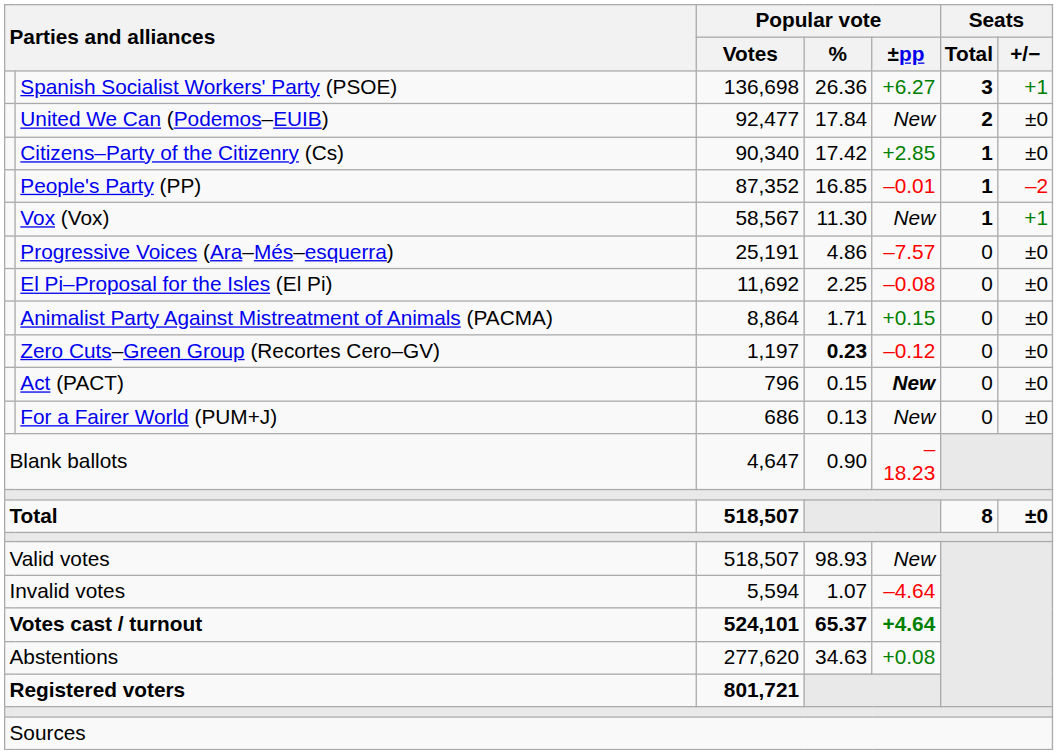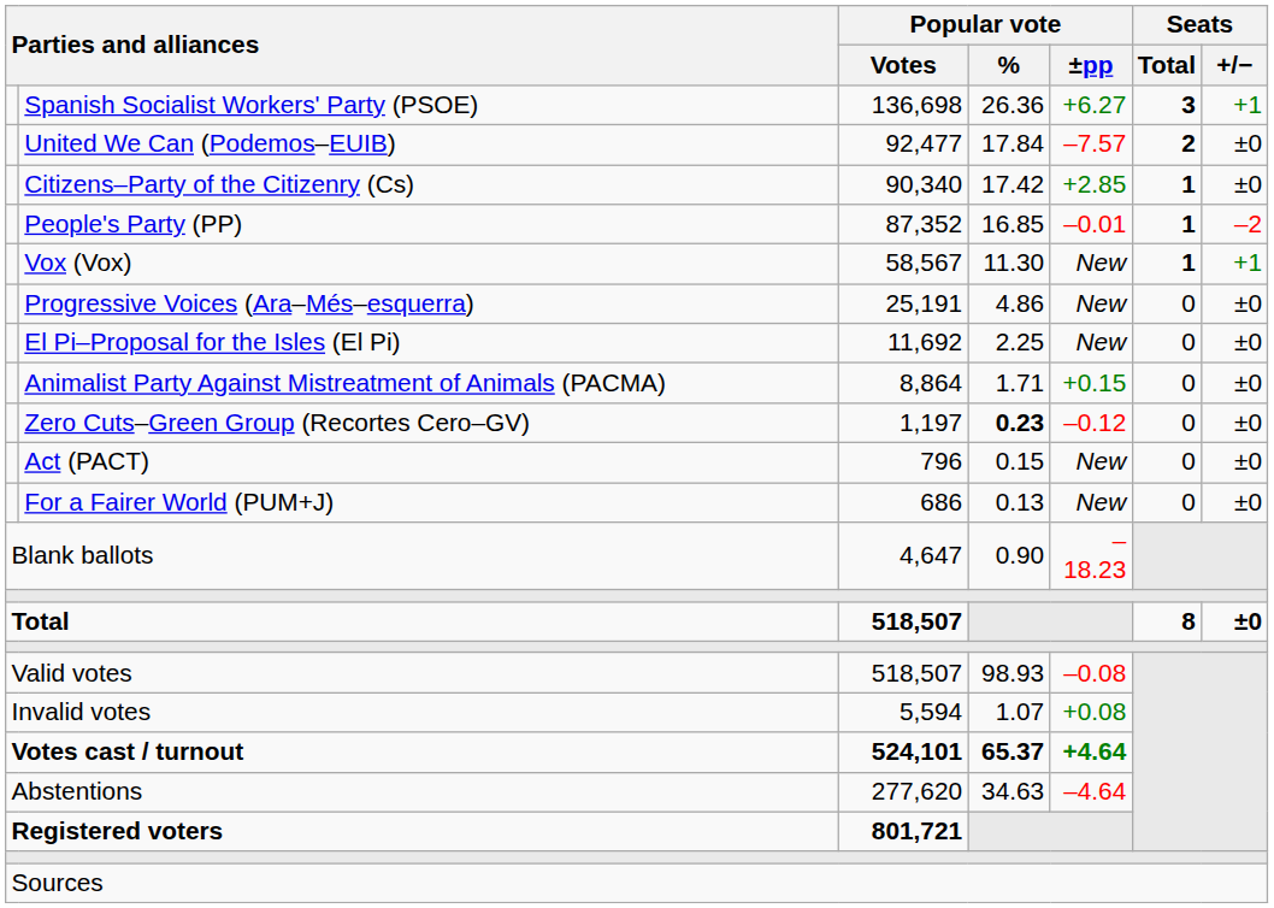 <table class="wikitable" style="text-align:right;">
 <tr>
 <th style="text-align:left;" rowspan="2" colspan="2" width="525">Parties and alliances</th>
 <th colspan="3">Popular vote</th>
 <th colspan="2">Seats</th>
 </tr>
 <tr>
 <th width="75">Votes</th>
 <th width="45">%</th>
 <th width="45">±<a href='#'>pp</a></th>
 <th width="35">Total</th>
 <th width="35">+/−</th>
 </tr>
 <tr>
 <td width="1" style="color:inherit;background:"></td>
 <td align="left"><a href='#'>Spanish Socialist Workers' Party</a> (PSOE)</td>
 <td>136,698</td>
 <td>26.36</td>
 <td style="color:green;">+6.27</td>
 <td><strong>3</strong></td>
 <td style="color:green;">+1</td>
 </tr>
 <tr>
 <td style="color:inherit;background:"></td>
 <td align="left"><a href='#'>United We Can</a> (<a href='#'>Podemos</a>–<a href='#'>EUIB</a>)</td>
 <td>92,477</td>
 <td>17.84</td>
-<td><em>New</em></td>
+<td style="color:red;">–7.57</td>
 <td><strong>2</strong></td>
 <td>±0</td>
 </tr>
 <tr>
 <td style="color:inherit;background:"></td>
 <td align="left"><a href='#'>Citizens–Party of the Citizenry</a> (Cs)</td>
 <td>90,340</td>
 <td>17.42</td>
 <td style="color:green;">+2.85</td>
 <td><strong>1</strong></td>
 <td>±0</td>
 </tr>
 <tr>
 <td style="color:inherit;background:"></td>
 <td align="left"><a href='#'>People's Party</a> (PP)</td>
 <td>87,352</td>
 <td>16.85</td>
 <td style="color:red;">–0.01</td>
 <td><strong>1</strong></td>
 <td style="color:red;">–2</td>
 </tr>
 <tr>
 <td style="color:inherit;background:"></td>
 <td align="left"><a href='#'>Vox</a> (Vox)</td>
 <td>58,567</td>
 <td>11.30</td>
 <td><em>New</em></td>
 <td><strong>1</strong></td>
 <td style="color:green;">+1</td>
 </tr>
 <tr>
 <td style="color:inherit;background:"></td>
 <td align="left"><a href='#'>Progressive Voices</a> (<a href='#'>Ara</a>–<a href='#'>Més</a>–<a href='#'>esquerra</a>)</td>
 <td>25,191</td>
 <td>4.86</td>
-<td style="color:red;">–7.57</td>
+<td><em>New</em></td>
 <td>0</td>
 <td>±0</td>
 </tr>
 <tr>
 <td style="color:inherit;background:"></td>
 <td align="left"><a href='#'>El Pi–Proposal for the Isles</a> (El Pi)</td>
 <td>11,692</td>
 <td>2.25</td>
-<td style="color:red;">–0.08</td>
+<td><em>New</em></td>
 <td>0</td>
 <td>±0</td>
 </tr>
 <tr>
 <td style="color:inherit;background:"></td>
 <td align="left"><a href='#'>Animalist Party Against Mistreatment of Animals</a> (PACMA)</td>
 <td>8,864</td>
 <td>1.71</td>
 <td style="color:green;">+0.15</td>
 <td>0</td>
 <td>±0</td>
 </tr>
 <tr>
 <td style="color:inherit;background:"></td>
 <td align="left"><a href='#'>Zero Cuts</a>–<a href='#'>Green Group</a> (Recortes Cero–GV)</td>
 <td>1,197</td>
 <td><strong>0.23</strong></td>
 <td style="color:red;">–0.12</td>
 <td>0</td>
 <td>±0</td>
 </tr>
 <tr>
 <td style="color:inherit;background:"></td>
 <td align="left"><a href='#'>Act</a> (PACT)</td>
 <td>796</td>
 <td>0.15</td>
-<td><strong><em>New</em></strong></td>
+<td><em>New</em></td>
 <td>0</td>
 <td>±0</td>
 </tr>
 <tr>
 <td style="color:inherit;background:"></td>
 <td align="left"><a href='#'>For a Fairer World</a> (PUM+J)</td>
 <td>686</td>
 <td>0.13</td>
 <td><em>New</em></td>
 <td>0</td>
 <td>±0</td>
 </tr>
 <tr>
 <td align="left" colspan="2">Blank ballots</td>
 <td>4,647</td>
 <td>0.90</td>
 <td style="color:red;">–18.23</td>
 <td bgcolor="#E9E9E9" colspan="2"></td>
 </tr>
 <tr>
 <td colspan="7" bgcolor="#E9E9E9"></td>
 </tr>
 <tr style="font-weight:bold;">
 <td align="left" colspan="2">Total</td>
 <td>518,507</td>
 <td bgcolor="#E9E9E9" colspan="2"></td>
 <td>8</td>
 <td>±0</td>
 </tr>
 <tr>
 <td colspan="7" bgcolor="#E9E9E9"></td>
 </tr>
 <tr>
 <td align="left" colspan="2">Valid votes</td>
 <td>518,507</td>
 <td>98.93</td>
-<td><em>New</em></td>
+<td style="color:red;">–0.08</td>
 <td bgcolor="#E9E9E9" colspan="2" rowspan="5"></td>
 </tr>
 <tr>
 <td align="left" colspan="2">Invalid votes</td>
 <td>5,594</td>
 <td>1.07</td>
-<td style="color:red;">–4.64</td>
+<td style="color:green;">+0.08</td>
 </tr>
 <tr style="font-weight:bold;">
 <td align="left" colspan="2">Votes cast / turnout</td>
 <td>524,101</td>
 <td>65.37</td>
 <td style="color:green;">+4.64</td>
 </tr>
 <tr>
 <td align="left" colspan="2">Abstentions</td>
 <td>277,620</td>
 <td>34.63</td>
-<td style="color:green;">+0.08</td>
+<td style="color:red;">–4.64</td>
 </tr>
 <tr style="font-weight:bold;">
 <td align="left" colspan="2">Registered voters</td>
 <td>801,721</td>
 <td bgcolor="#E9E9E9" colspan="2"></td>
 </tr>
 <tr>
 <td colspan="7" bgcolor="#E9E9E9"></td>
 </tr>
 <tr>
 <td align="left" colspan="7">Sources</td>
 </tr>
 </table>
